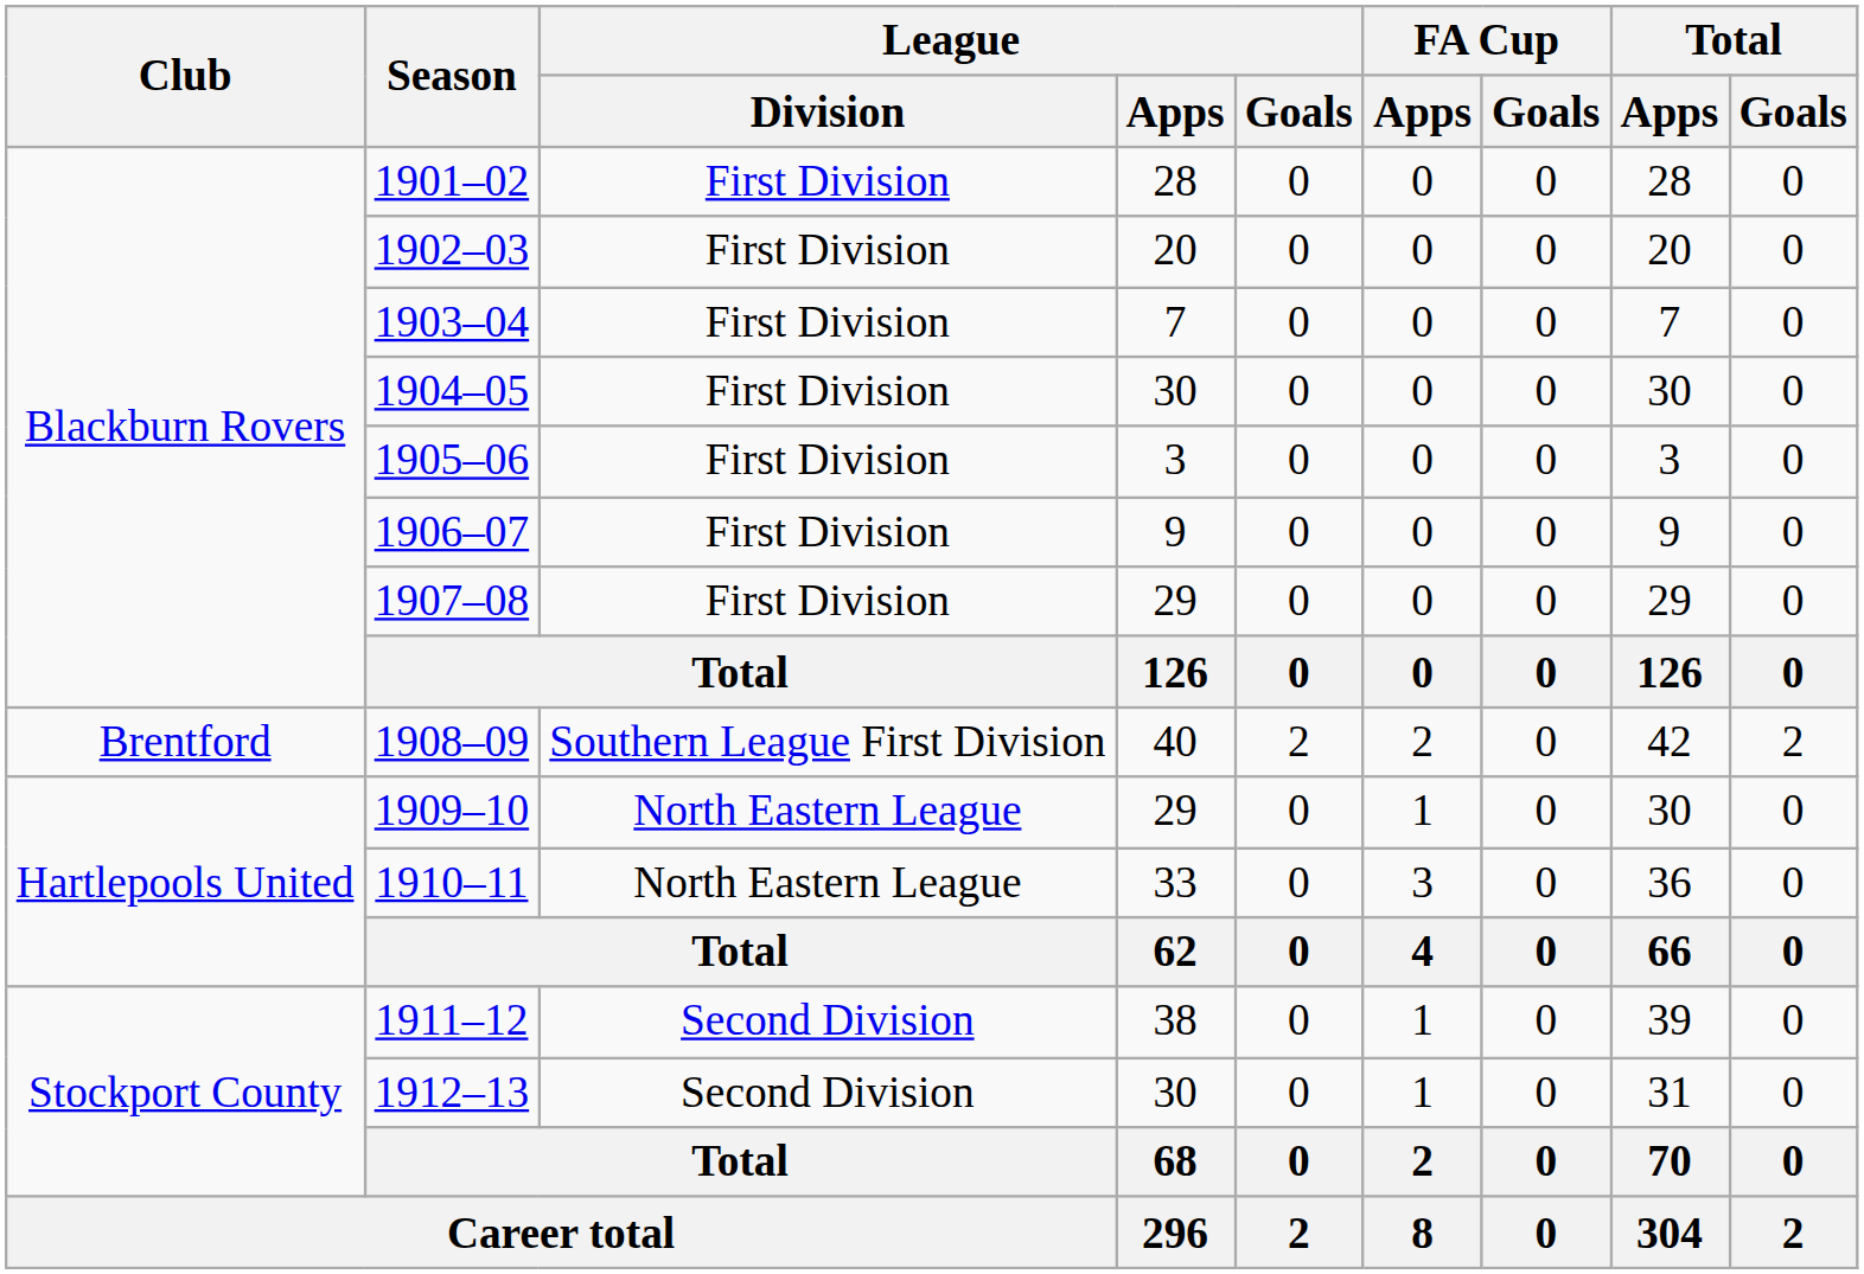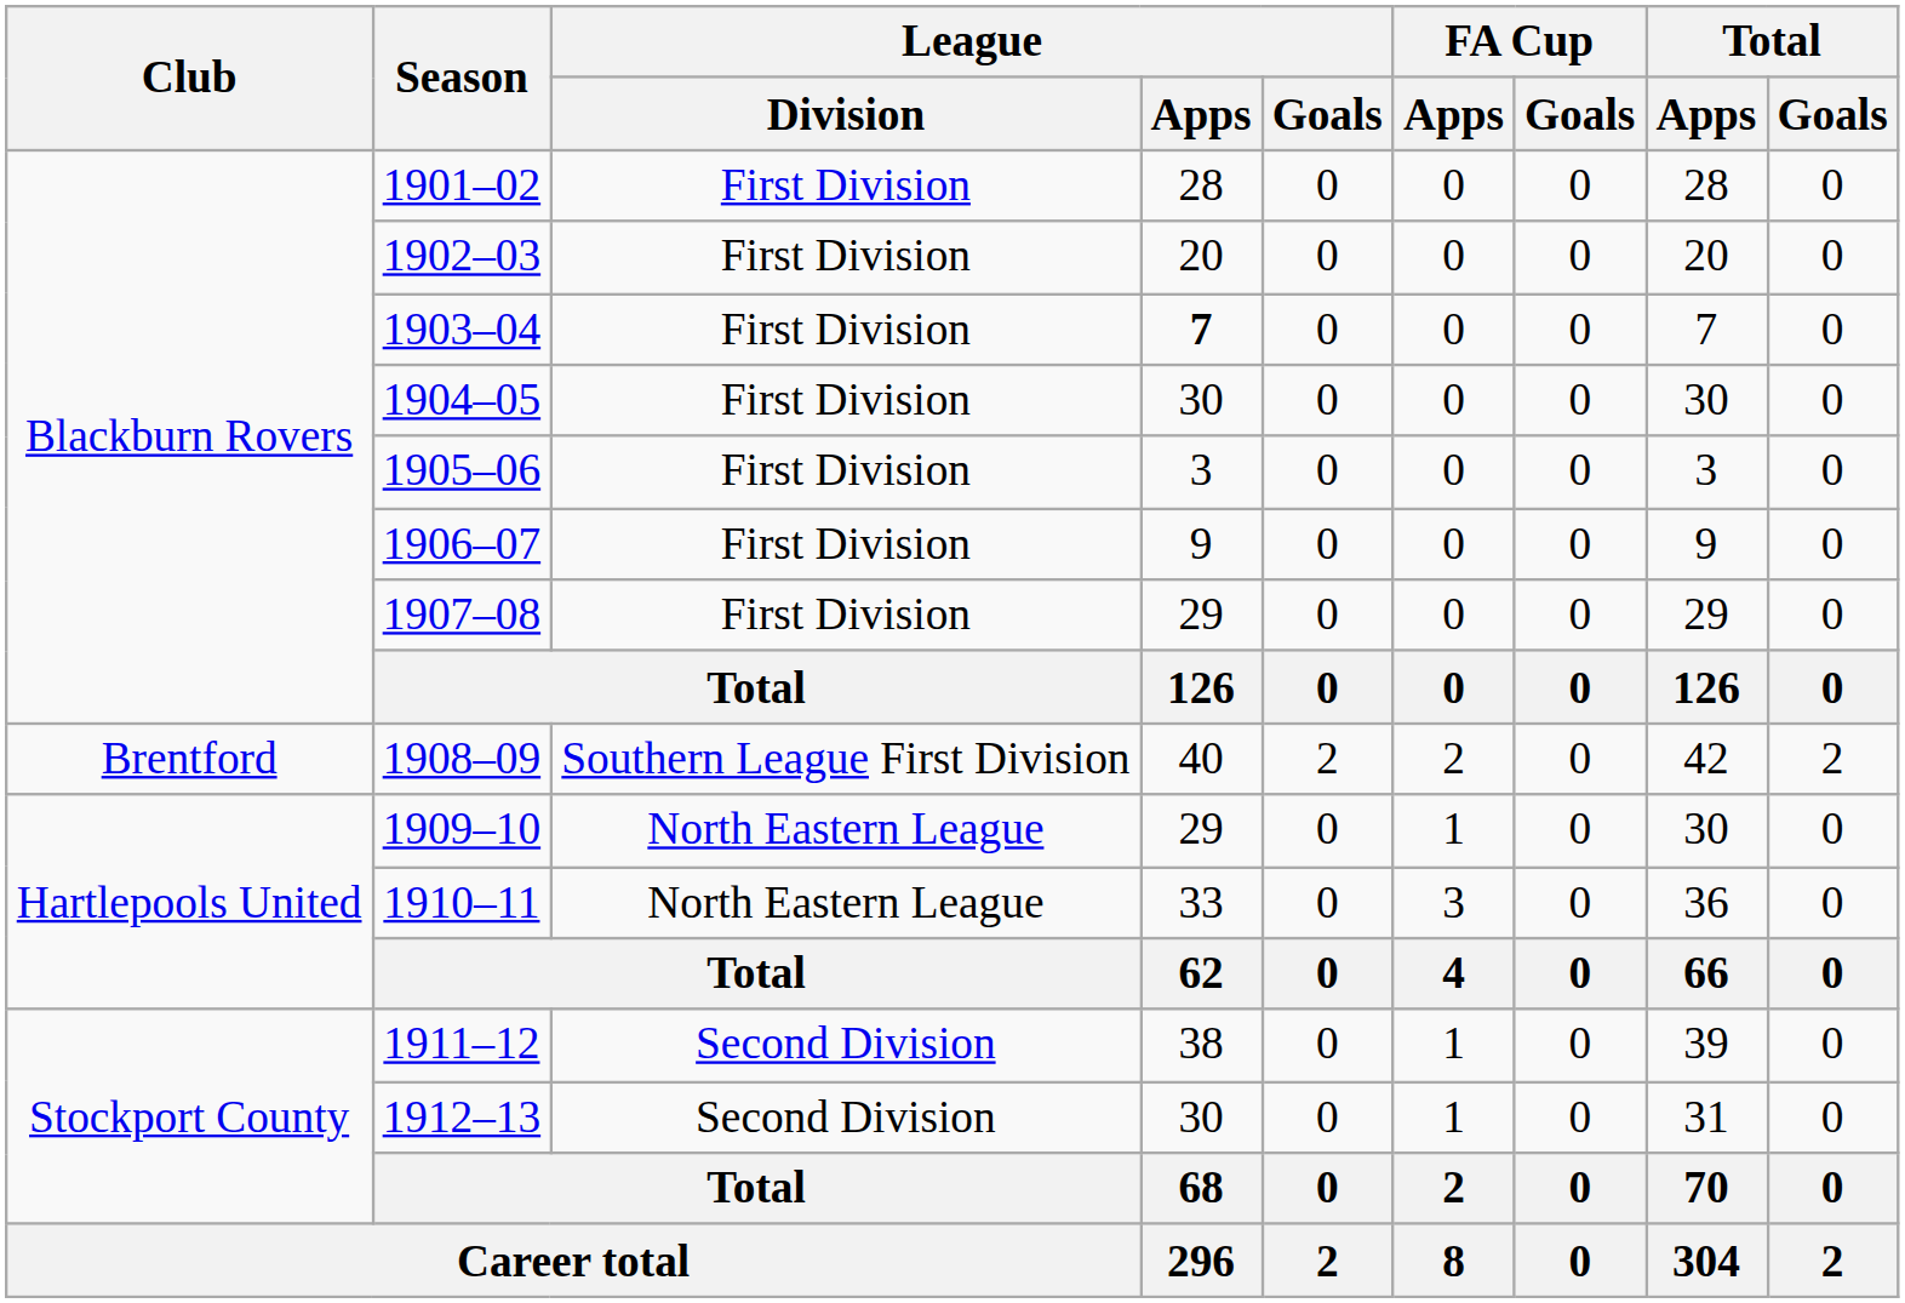 <table class="wikitable" style="text-align: center;">
 <tr>
 <th rowspan="2">Club</th>
 <th rowspan="2">Season</th>
 <th colspan="3">League</th>
 <th colspan="2">FA Cup</th>
 <th colspan="2">Total</th>
 </tr>
 <tr>
 <th>Division</th>
 <th>Apps</th>
 <th>Goals</th>
 <th>Apps</th>
 <th>Goals</th>
 <th>Apps</th>
 <th>Goals</th>
 </tr>
 <tr>
 <td rowspan="8"><a href='#'>Blackburn Rovers</a></td>
 <td><a href='#'>1901–02</a></td>
 <td><a href='#'>First Division</a></td>
 <td>28</td>
 <td>0</td>
 <td>0</td>
 <td>0</td>
 <td>28</td>
 <td>0</td>
 </tr>
 <tr>
 <td><a href='#'>1902–03</a></td>
 <td>First Division</td>
 <td>20</td>
 <td>0</td>
 <td>0</td>
 <td>0</td>
 <td>20</td>
 <td>0</td>
 </tr>
 <tr>
 <td><a href='#'>1903–04</a></td>
 <td>First Division</td>
-<td>7</td>
+<td><strong>7</strong></td>
 <td>0</td>
 <td>0</td>
 <td>0</td>
 <td>7</td>
 <td>0</td>
 </tr>
 <tr>
 <td><a href='#'>1904–05</a></td>
 <td>First Division</td>
 <td>30</td>
 <td>0</td>
 <td>0</td>
 <td>0</td>
 <td>30</td>
 <td>0</td>
 </tr>
 <tr>
 <td><a href='#'>1905–06</a></td>
 <td>First Division</td>
 <td>3</td>
 <td>0</td>
 <td>0</td>
 <td>0</td>
 <td>3</td>
 <td>0</td>
 </tr>
 <tr>
 <td><a href='#'>1906–07</a></td>
 <td>First Division</td>
 <td>9</td>
 <td>0</td>
 <td>0</td>
 <td>0</td>
 <td>9</td>
 <td>0</td>
 </tr>
 <tr>
 <td><a href='#'>1907–08</a></td>
 <td>First Division</td>
 <td>29</td>
 <td>0</td>
 <td>0</td>
 <td>0</td>
 <td>29</td>
 <td>0</td>
 </tr>
 <tr>
 <th colspan="2">Total</th>
 <th>126</th>
 <th>0</th>
 <th>0</th>
 <th>0</th>
 <th>126</th>
 <th>0</th>
 </tr>
 <tr>
 <td><a href='#'>Brentford</a></td>
 <td><a href='#'>1908–09</a></td>
 <td><a href='#'>Southern League</a> First Division</td>
 <td>40</td>
 <td>2</td>
 <td>2</td>
 <td>0</td>
 <td>42</td>
 <td>2</td>
 </tr>
 <tr>
 <td rowspan="3"><a href='#'>Hartlepools United</a></td>
 <td><a href='#'>1909–10</a></td>
 <td><a href='#'>North Eastern League</a></td>
 <td>29</td>
 <td>0</td>
 <td>1</td>
 <td>0</td>
 <td>30</td>
 <td>0</td>
 </tr>
 <tr>
 <td><a href='#'>1910–11</a></td>
 <td>North Eastern League</td>
 <td>33</td>
 <td>0</td>
 <td>3</td>
 <td>0</td>
 <td>36</td>
 <td>0</td>
 </tr>
 <tr>
 <th colspan="2">Total</th>
 <th>62</th>
 <th>0</th>
 <th>4</th>
 <th>0</th>
 <th>66</th>
 <th>0</th>
 </tr>
 <tr>
 <td rowspan="3"><a href='#'>Stockport County</a></td>
 <td><a href='#'>1911–12</a></td>
 <td><a href='#'>Second Division</a></td>
 <td>38</td>
 <td>0</td>
 <td>1</td>
 <td>0</td>
 <td>39</td>
 <td>0</td>
 </tr>
 <tr>
 <td><a href='#'>1912–13</a></td>
 <td>Second Division</td>
 <td>30</td>
 <td>0</td>
 <td>1</td>
 <td>0</td>
 <td>31</td>
 <td>0</td>
 </tr>
 <tr>
 <th colspan="2">Total</th>
 <th>68</th>
 <th>0</th>
 <th>2</th>
 <th>0</th>
 <th>70</th>
 <th>0</th>
 </tr>
 <tr>
 <th colspan="3">Career total</th>
 <th>296</th>
 <th>2</th>
 <th>8</th>
 <th>0</th>
 <th>304</th>
 <th>2</th>
 </tr>
 </table>
